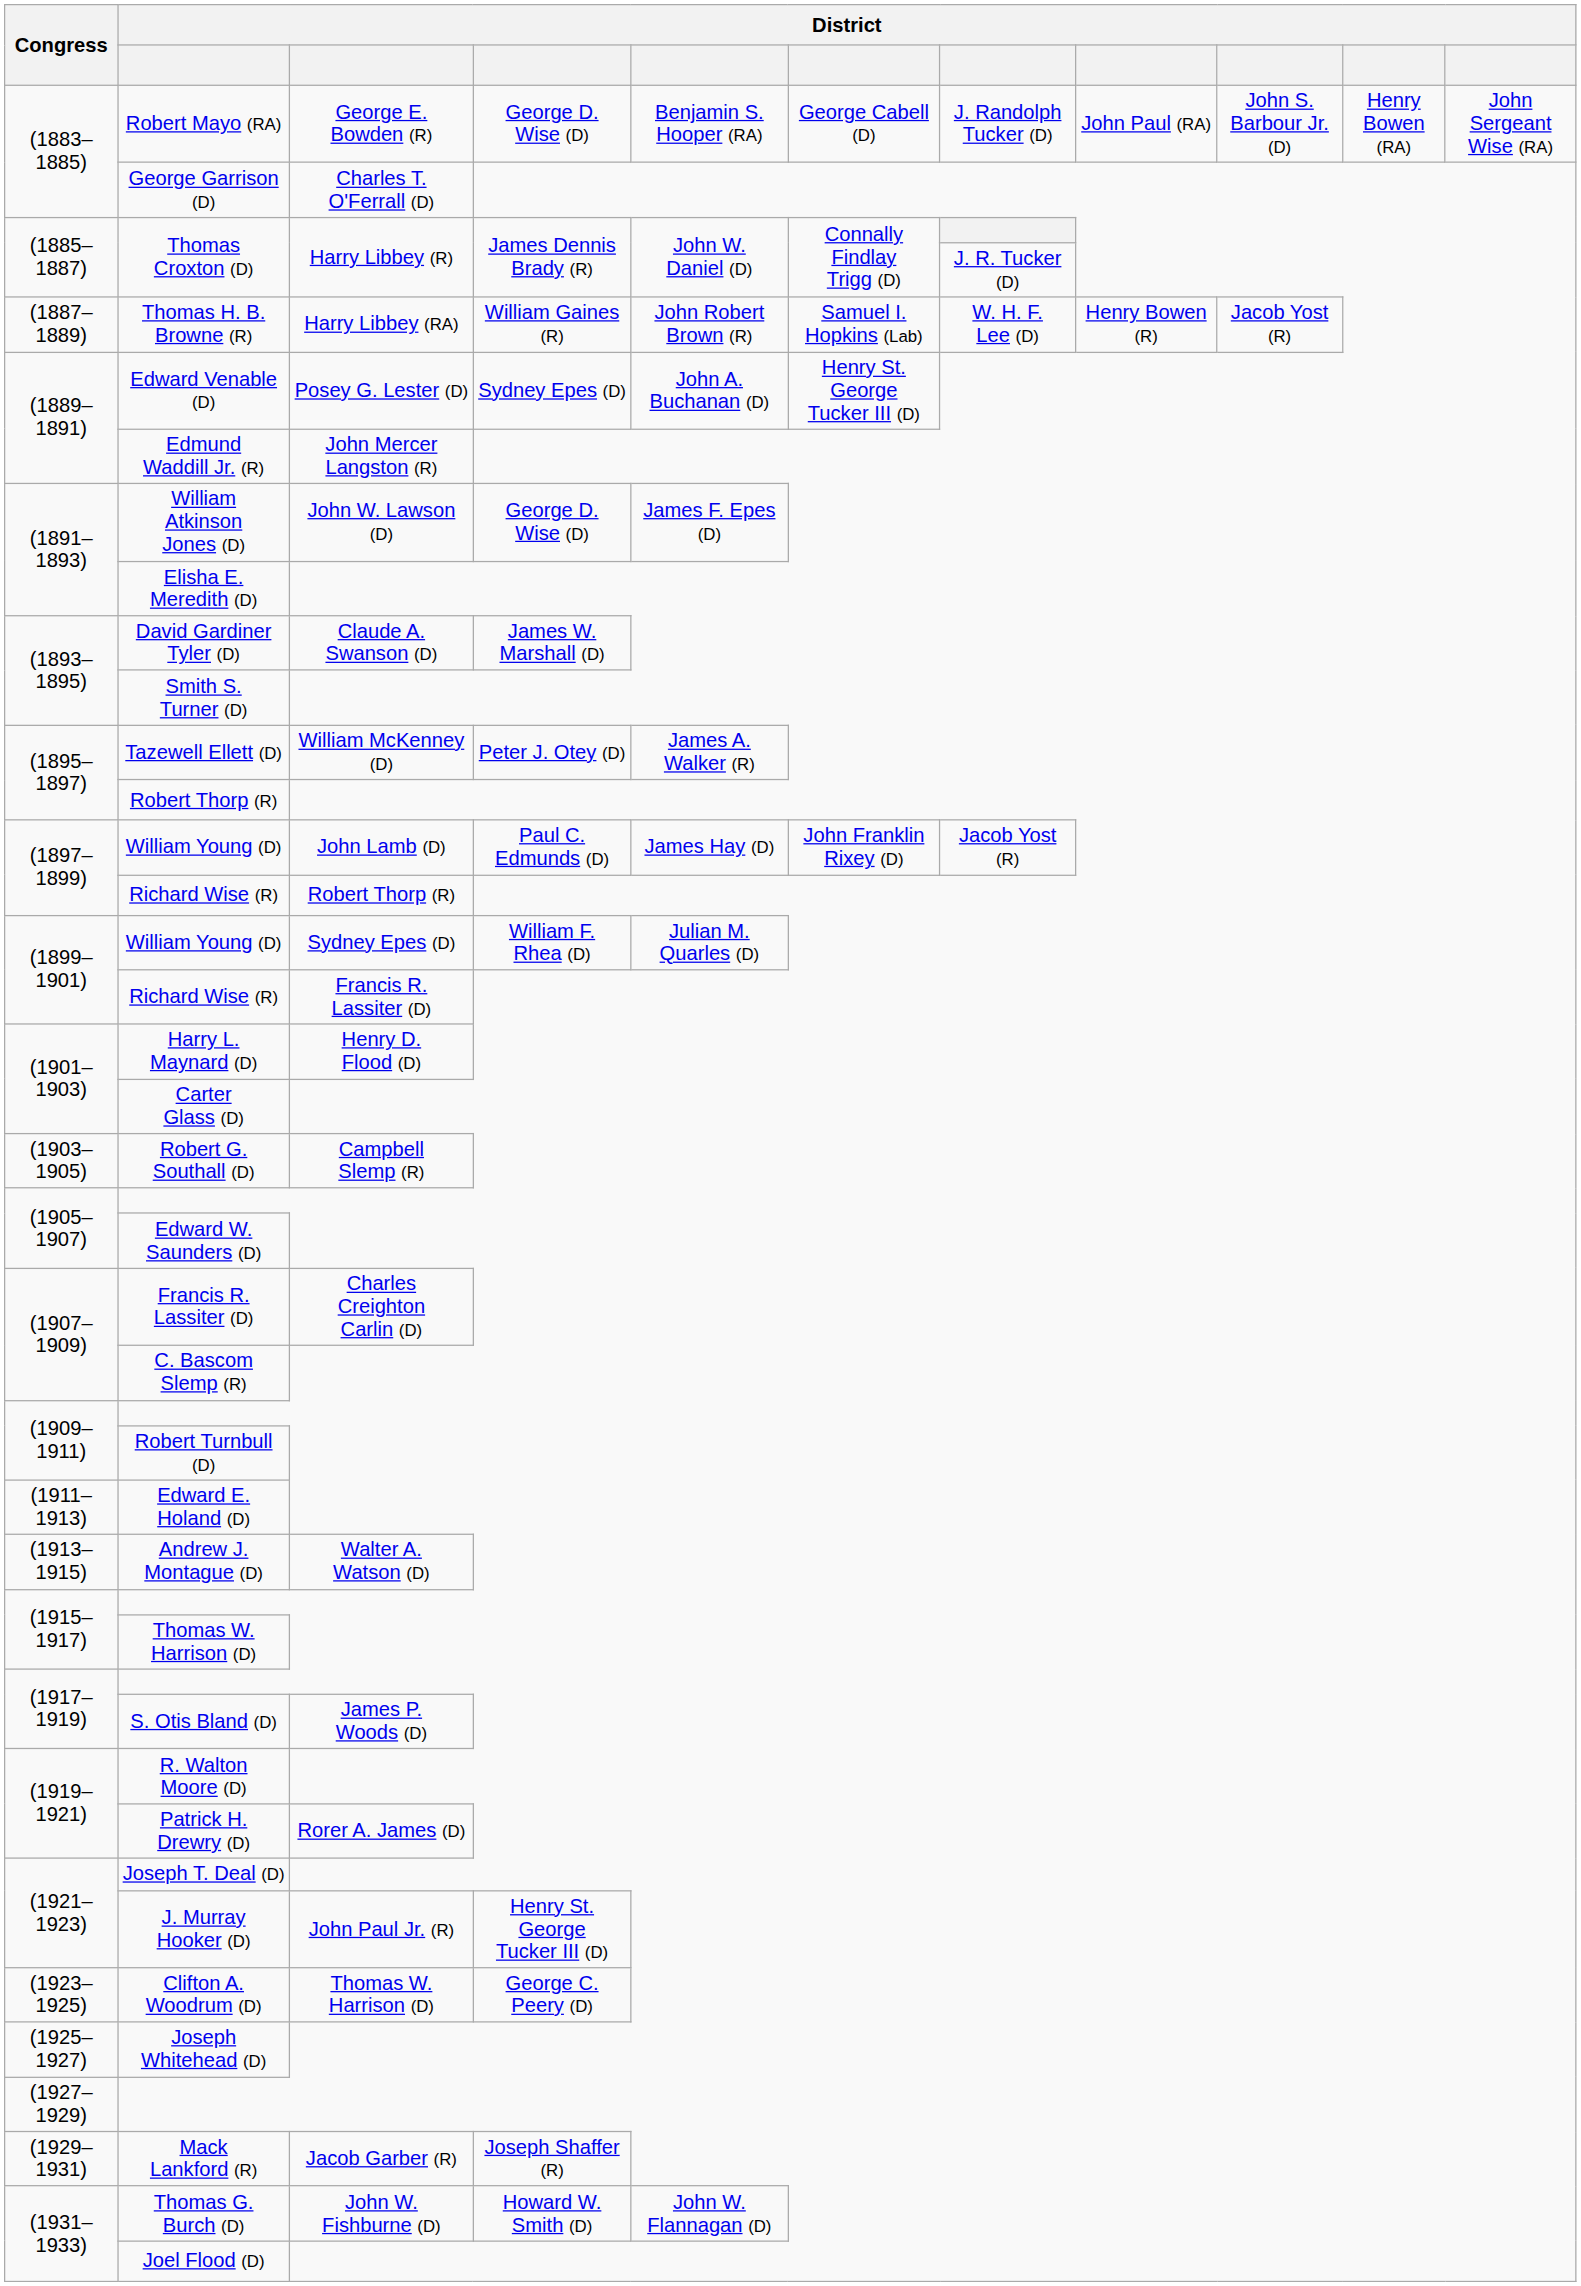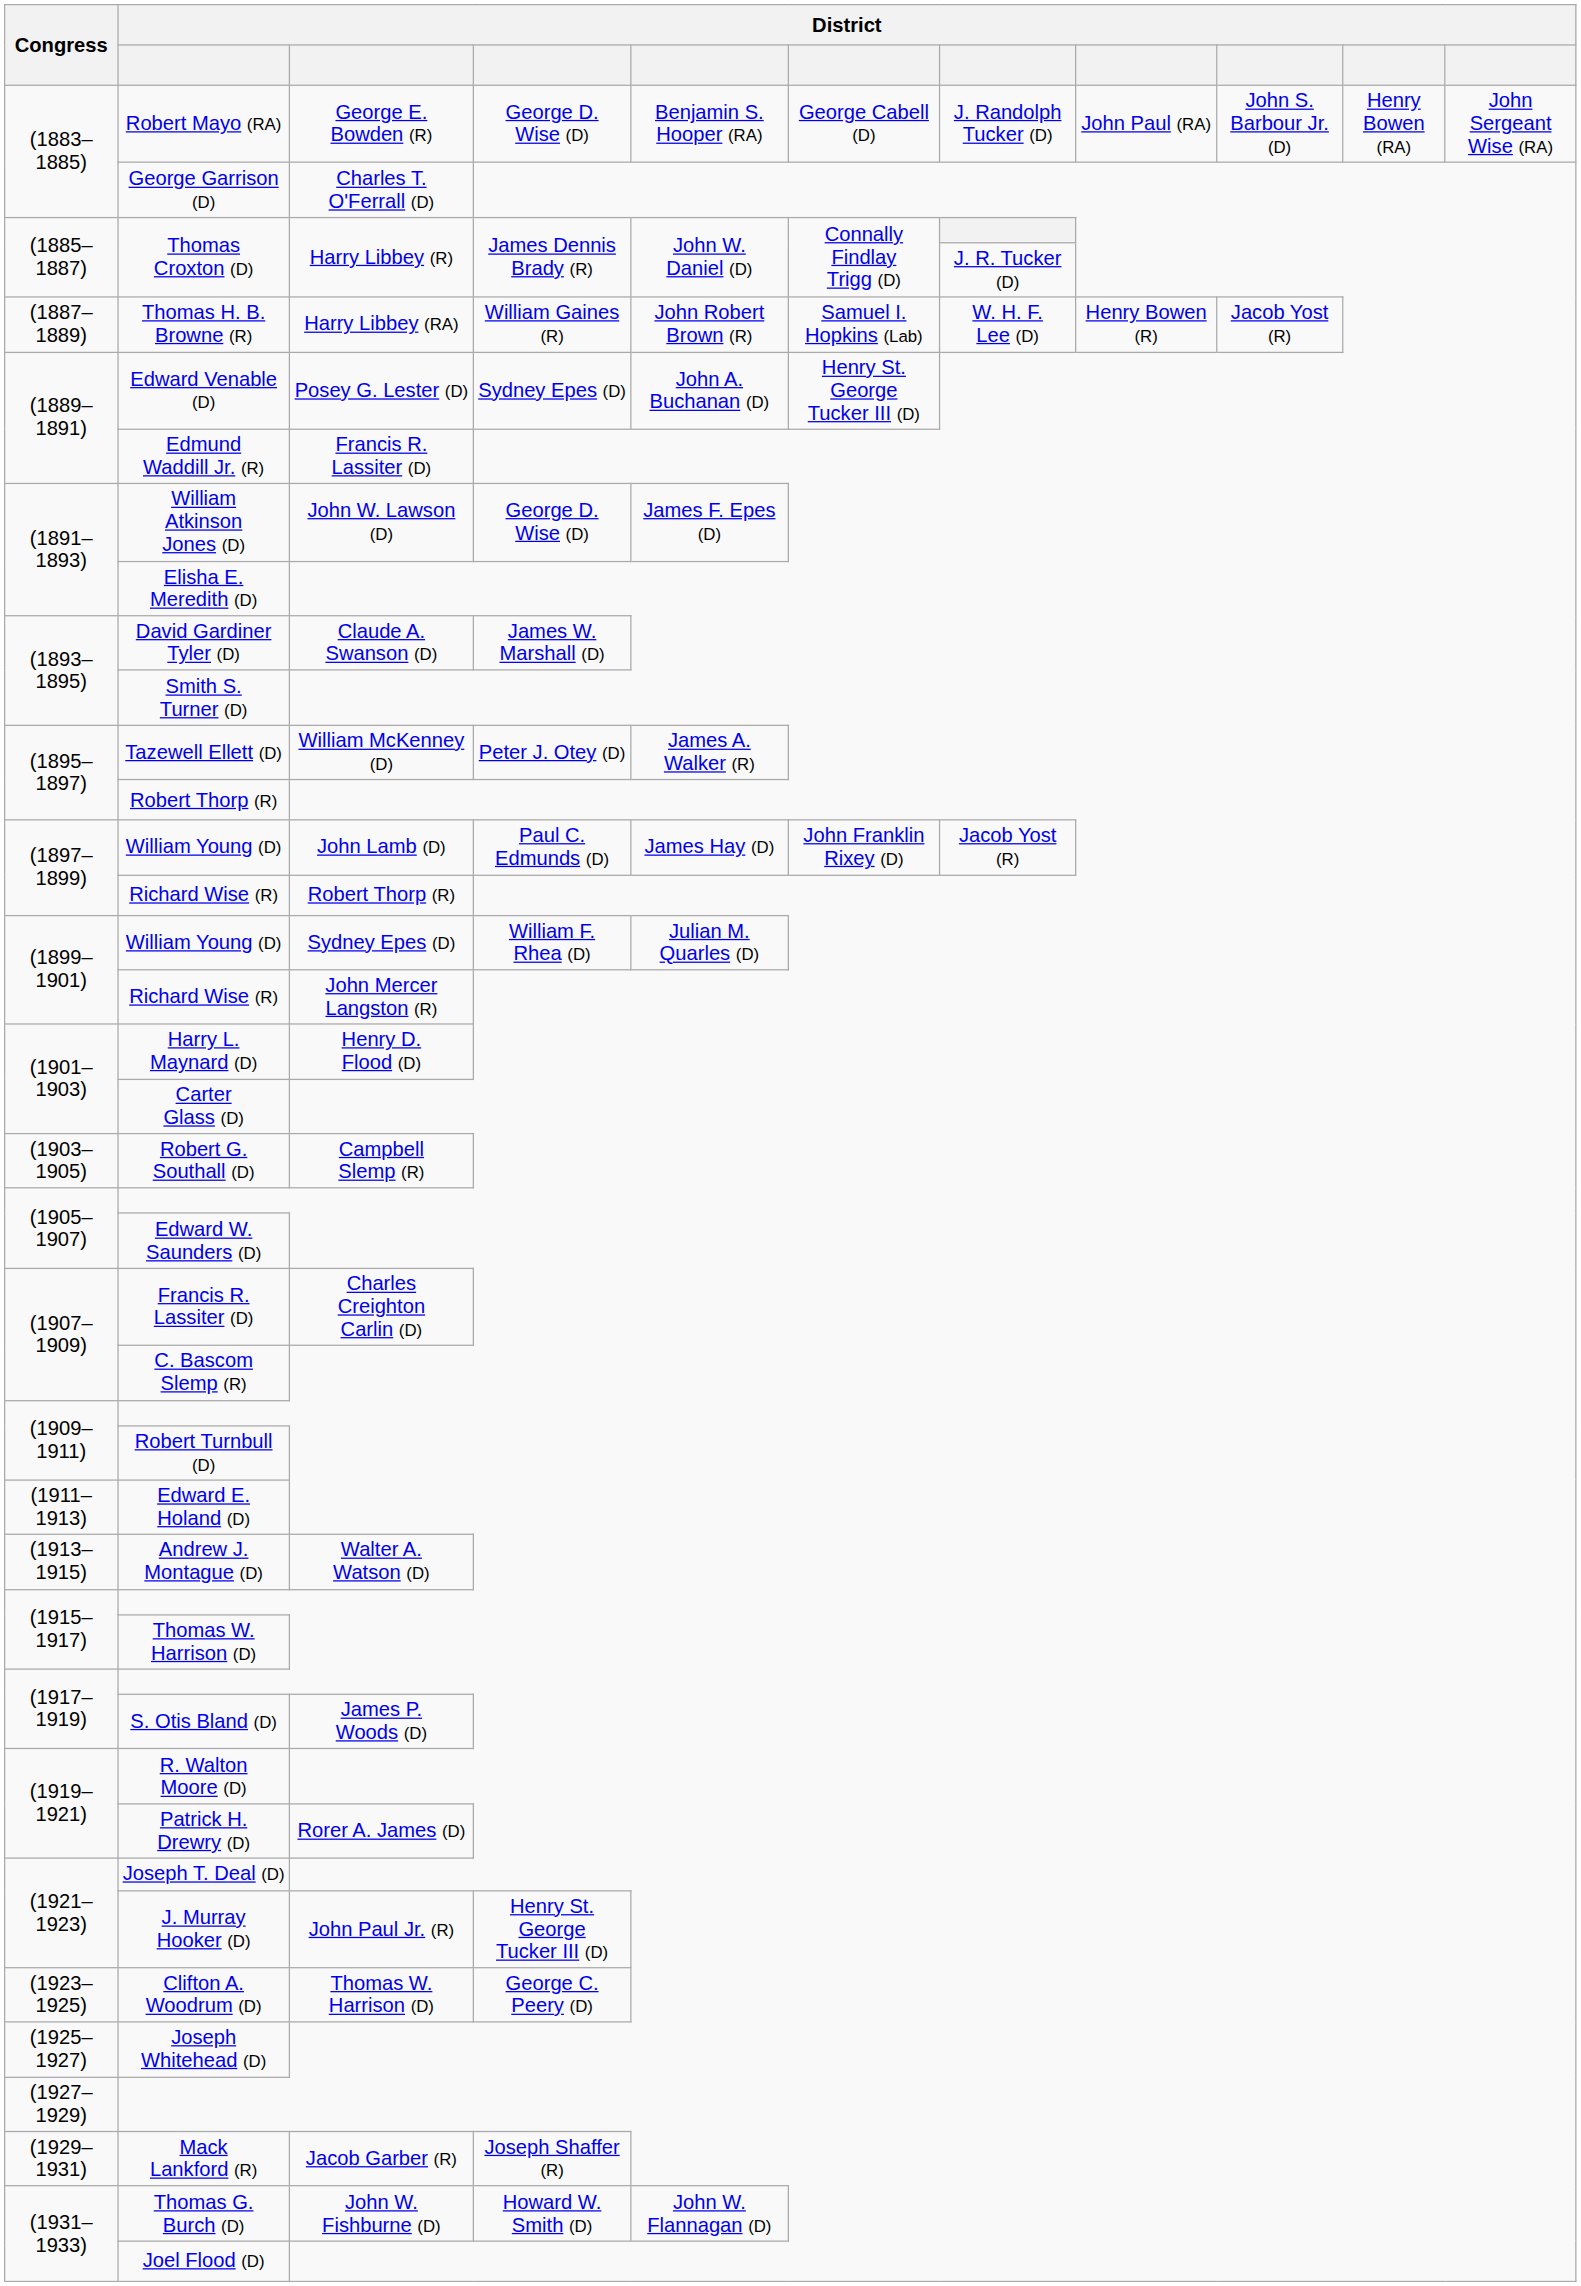 <table class="wikitable sortable sticky-header-multi" style="text-align:center">
 <tr style="height:2em">
 <th rowspan=2 class=unsortable>Con­gress</th>
 <th colspan="10" class=unsortable>District</th>
 </tr>
 <tr style="height:2em">
 <th class=unsortable></th>
 <th class=unsortable></th>
 <th class=unsortable></th>
 <th class=unsortable></th>
 <th class=unsortable></th>
 <th class=unsortable></th>
 <th class=unsortable></th>
 <th class=unsortable></th>
 <th class=unsortable></th>
 <th class=unsortable></th>
 </tr>
 <tr style="height:2em">
 <td rowspan=2><strong></strong> (1883–1885)</td>
 <td><a href='#'>Robert Mayo</a> <small>(RA)</small></td>
 <td><a href='#'>George E.<br>Bowden</a> <small>(R)</small></td>
 <td><a href='#'>George D.<br>Wise</a> <small>(D)</small></td>
 <td><a href='#'>Benjamin S.<br>Hooper</a> <small>(RA)</small></td>
 <td><a href='#'>George Cabell</a> <small>(D)</small></td>
 <td><a href='#'>J. Randolph<br>Tucker</a> <small>(D)</small></td>
 <td><a href='#'>John Paul</a> <small>(RA)</small></td>
 <td><a href='#'>John S.<br>Barbour Jr.</a> <small>(D)</small></td>
 <td><a href='#'>Henry<br>Bowen</a> <small>(RA)</small></td>
 <td><a href='#'>John Sergeant<br>Wise</a> <small>(RA)</small></td>
 </tr>
 <tr style="height:2em">
 <td><a href='#'>George Garrison</a> <small>(D)</small></td>
 <td><a href='#'>Charles T.<br>O'Ferrall</a> <small>(D)</small></td>
 </tr>
 <tr style="height:1.25em">
 <td rowspan=2><strong></strong> (1885–1887)</td>
 <td rowspan=2 ><a href='#'>Thomas<br>Croxton</a> <small>(D)</small></td>
 <td rowspan=2 ><a href='#'>Harry Libbey</a> <small>(R)</small></td>
 <td rowspan=2 ><a href='#'>James Dennis<br>Brady</a> <small>(R)</small></td>
 <td rowspan=2 ><a href='#'>John W.<br>Daniel</a> <small>(D)</small></td>
 <td rowspan=2 ><a href='#'>Connally Findlay<br>Trigg</a> <small>(D)</small></td>
 <th class=unsortable></th>
 </tr>
 <tr style="height:2.5em">
 <td><a href='#'>J. R. Tucker</a> <small>(D)</small></td>
 </tr>
 <tr style="height:2.5em">
 <td><strong></strong> (1887–1889)</td>
 <td><a href='#'>Thomas H. B.<br>Browne</a> <small>(R)</small></td>
 <td><a href='#'>Harry Libbey</a> <small>(RA)</small></td>
 <td><a href='#'>William Gaines</a> <small>(R)</small></td>
 <td><a href='#'>John Robert<br>Brown</a> <small>(R)</small></td>
 <td><a href='#'>Samuel I.<br>Hopkins</a> <small>(Lab)</small></td>
 <td><a href='#'>W. H. F.<br>Lee</a> <small>(D)</small></td>
 <td><a href='#'>Henry Bowen</a> <small>(R)</small></td>
 <td><a href='#'>Jacob Yost</a> <small>(R)</small></td>
 </tr>
 <tr style="height:2em">
 <td rowspan=2><strong></strong> (1889–1891)</td>
 <td><a href='#'>Edward Venable</a> <small>(D)</small></td>
 <td><a href='#'>Posey G. Lester</a> <small>(D)</small></td>
 <td><a href='#'>Sydney Epes</a> <small>(D)</small></td>
 <td><a href='#'>John A.<br>Buchanan</a> <small>(D)</small></td>
 <td><a href='#'>Henry St. George<br>Tucker III</a> <small>(D)</small></td>
 </tr>
 <tr style="height:2em">
 <td><a href='#'>Edmund<br>Waddill Jr.</a> <small>(R)</small></td>
-<td><a href='#'>John Mercer<br>Langston</a> <small>(R)</small></td>
+<td><a href='#'>Francis R.<br>Lassiter</a> <small>(D)</small></td>
 </tr>
 <tr style="height:1.25em">
 <td rowspan=2><strong></strong> (1891–1893)</td>
 <td><a href='#'>William<br>Atkinson<br>Jones</a> <small>(D)</small></td>
 <td><a href='#'>John W. Lawson</a> <small>(D)</small></td>
 <td><a href='#'>George D.<br>Wise</a> <small>(D)</small></td>
 <td><a href='#'>James F. Epes</a> <small>(D)</small></td>
 </tr>
 <tr style="height:1.25em">
 <td><a href='#'>Elisha E.<br>Meredith</a> <small>(D)</small></td>
 </tr>
 <tr style="height:1.25em">
 <td rowspan=2><strong></strong> (1893–1895)</td>
 <td><a href='#'>David Gardiner<br>Tyler</a> <small>(D)</small></td>
 <td><a href='#'>Claude A.<br>Swanson</a> <small>(D)</small></td>
 <td><a href='#'>James W.<br>Marshall</a> <small>(D)</small></td>
 </tr>
 <tr style="height:1.25em">
 <td><a href='#'>Smith S.<br>Turner</a> <small>(D)</small></td>
 </tr>
 <tr style="height:2em">
 <td rowspan=2><strong></strong> (1895–1897)</td>
 <td><a href='#'>Tazewell Ellett</a> <small>(D)</small></td>
 <td><a href='#'>William McKenney</a> <small>(D)</small></td>
 <td><a href='#'>Peter J. Otey</a> <small>(D)</small></td>
 <td><a href='#'>James A.<br>Walker</a> <small>(R)</small></td>
 </tr>
 <tr style="height:2em">
 <td><a href='#'>Robert Thorp</a> <small>(R)</small></td>
 </tr>
 <tr style="height:2em">
 <td rowspan=2><strong></strong> (1897–1899)</td>
 <td><a href='#'>William Young</a> <small>(D)</small></td>
 <td><a href='#'>John Lamb</a> <small>(D)</small></td>
 <td><a href='#'>Paul C.<br>Edmunds</a> <small>(D)</small></td>
 <td><a href='#'>James Hay</a> <small>(D)</small></td>
 <td><a href='#'>John Franklin<br>Rixey</a> <small>(D)</small></td>
 <td><a href='#'>Jacob Yost</a> <small>(R)</small></td>
 </tr>
 <tr style="height:2em">
 <td><a href='#'>Richard Wise</a> <small>(R)</small></td>
 <td><a href='#'>Robert Thorp</a> <small>(R)</small></td>
 </tr>
 <tr style="height:2em">
 <td rowspan=2><strong></strong> (1899–1901)</td>
 <td><a href='#'>William Young</a> <small>(D)</small></td>
 <td><a href='#'>Sydney Epes</a> <small>(D)</small></td>
 <td><a href='#'>William F.<br>Rhea</a> <small>(D)</small></td>
 <td><a href='#'>Julian M.<br>Quarles</a> <small>(D)</small></td>
 </tr>
 <tr style="height:2em">
 <td><a href='#'>Richard Wise</a> <small>(R)</small></td>
-<td><a href='#'>Francis R.<br>Lassiter</a> <small>(D)</small></td>
+<td><a href='#'>John Mercer<br>Langston</a> <small>(R)</small></td>
 </tr>
 <tr style="height:1.25em">
 <td rowspan=2><strong></strong> (1901–1903)</td>
 <td><a href='#'>Harry L.<br>Maynard</a> <small>(D)</small></td>
 <td><a href='#'>Henry D.<br>Flood</a> <small>(D)</small></td>
 </tr>
 <tr style="height:1.25em">
 <td><a href='#'>Carter<br>Glass</a> <small>(D)</small></td>
 </tr>
 <tr style="height:2.5em">
 <td><strong></strong> (1903–1905)</td>
 <td><a href='#'>Robert G.<br>Southall</a> <small>(D)</small></td>
 <td><a href='#'>Campbell<br>Slemp</a> <small>(R)</small></td>
 </tr>
 <tr style="height:1.25em">
 <td rowspan=2><strong></strong> (1905–1907)</td>
 </tr>
 <tr style="height:1.25em">
 <td><a href='#'>Edward W.<br>Saunders</a> <small>(D)</small></td>
 </tr>
 <tr style="height:1.25em">
 <td rowspan=2><strong></strong> (1907–1909)</td>
 <td><a href='#'>Francis R.<br>Lassiter</a> <small>(D)</small></td>
 <td><a href='#'>Charles<br>Creighton<br>Carlin</a> <small>(D)</small></td>
 </tr>
 <tr style="height:1.25em">
 <td><a href='#'>C. Bascom<br>Slemp</a> <small>(R)</small></td>
 </tr>
 <tr style="height:1.25em">
 <td rowspan=2><strong></strong> (1909–1911)</td>
 </tr>
 <tr style="height:1.25em">
 <td><a href='#'>Robert Turnbull</a> <small>(D)</small></td>
 </tr>
 <tr style="height:2.5em">
 <td><strong></strong> (1911–1913)</td>
 <td><a href='#'>Edward E.<br>Holand</a> <small>(D)</small></td>
 </tr>
 <tr style="height:2.5em">
 <td><strong></strong> (1913–1915)</td>
 <td><a href='#'>Andrew J.<br>Montague</a> <small>(D)</small></td>
 <td><a href='#'>Walter A.<br>Watson</a> <small>(D)</small></td>
 </tr>
 <tr style="height:1.25em">
 <td rowspan=2><strong></strong> (1915–1917)</td>
 </tr>
 <tr style="height:1.25em">
 <td><a href='#'>Thomas W.<br>Harrison</a> <small>(D)</small></td>
 </tr>
 <tr style="height:1.25em">
 <td rowspan=2><strong></strong> (1917–1919)</td>
 </tr>
 <tr style="height:1.25em">
 <td><a href='#'>S. Otis Bland</a> <small>(D)</small></td>
 <td><a href='#'>James P.<br>Woods</a> <small>(D)</small></td>
 </tr>
 <tr style="height:1.25em">
 <td rowspan=2><strong></strong> (1919–1921)</td>
 <td><a href='#'>R. Walton<br>Moore</a> <small>(D)</small></td>
 </tr>
 <tr style="height:1.25em">
 <td><a href='#'>Patrick H.<br>Drewry</a> <small>(D)</small></td>
 <td><a href='#'>Rorer A. James</a> <small>(D)</small></td>
 </tr>
 <tr style="height:1.25em">
 <td rowspan=2><strong></strong> (1921–1923)</td>
 <td><a href='#'>Joseph T. Deal</a> <small>(D)</small></td>
 </tr>
 <tr style="height:2em">
 <td><a href='#'>J. Murray<br>Hooker</a> <small>(D)</small></td>
 <td><a href='#'>John Paul Jr.</a> <small>(R)</small></td>
 <td><a href='#'>Henry St. George<br>Tucker III</a> <small>(D)</small></td>
 </tr>
 <tr style="height:2.5em">
 <td><strong></strong> (1923–1925)</td>
 <td><a href='#'>Clifton A.<br>Woodrum</a> <small>(D)</small></td>
 <td><a href='#'>Thomas W.<br>Harrison</a> <small>(D)</small></td>
 <td><a href='#'>George C.<br>Peery</a> <small>(D)</small></td>
 </tr>
 <tr style="height:2.5em">
 <td><strong></strong> (1925–1927)</td>
 <td><a href='#'>Joseph<br>Whitehead</a> <small>(D)</small></td>
 </tr>
 <tr style="height:2.5em">
 <td><strong></strong> (1927–1929)</td>
 </tr>
 <tr style="height:2.5em">
 <td><strong></strong> (1929–1931)</td>
 <td><a href='#'>Mack<br>Lankford</a> <small>(R)</small></td>
 <td><a href='#'>Jacob Garber</a> <small>(R)</small></td>
 <td><a href='#'>Joseph Shaffer</a> <small>(R)</small></td>
 </tr>
 <tr style="height:1.25em">
 <td rowspan=2><strong></strong> (1931–1933)</td>
 <td><a href='#'>Thomas G.<br>Burch</a> <small>(D)</small></td>
 <td><a href='#'>John W.<br>Fishburne</a> <small>(D)</small></td>
 <td><a href='#'>Howard W.<br>Smith</a> <small>(D)</small></td>
 <td><a href='#'>John W.<br>Flannagan</a> <small>(D)</small></td>
 </tr>
 <tr style="height:2em">
 <td><a href='#'>Joel Flood</a> <small>(D)</small></td>
 </tr>
 </table>
